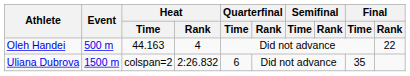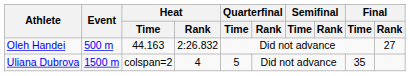 <table class=wikitable style=font-size:90%;text-align:center>
 <tr>
 <th rowspan="2">Athlete</th>
 <th rowspan="2">Event</th>
 <th colspan="2">Heat</th>
 <th colspan="2">Quarterfinal</th>
 <th colspan="2">Semifinal</th>
 <th colspan="2">Final</th>
 </tr>
 <tr>
 <th>Time</th>
 <th>Rank</th>
 <th>Time</th>
 <th>Rank</th>
 <th>Time</th>
 <th>Rank</th>
 <th>Time</th>
 <th>Rank</th>
 </tr>
 <tr>
 <td align=left><a href='#'>Oleh Handei</a></td>
 <td align=left><a href='#'>500 m</a></td>
 <td>44.163</td>
-<td>4</td>
+<td>2:26.832</td>
 <td colspan=5>Did not advance</td>
-<td>22</td>
+<td>27</td>
 </tr>
 <tr>
 <td align=left><a href='#'>Uliana Dubrova</a></td>
 <td align=left><a href='#'>1500 m</a></td>
 <td>colspan=2 </td>
-<td>2:26.832</td>
-<td>6</td>
+<td>4</td>
+<td>5</td>
 <td colspan=3>Did not advance</td>
 <td>35</td>
 </tr>
 </table>
